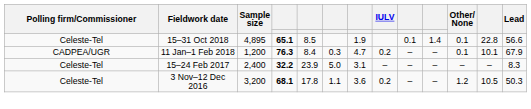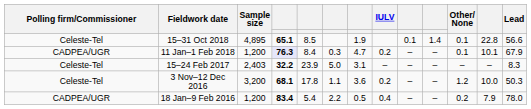 <table class="wikitable collapsible collapsed" style="text-align:center; font-size:90%; line-height:14px;">
 <tr style="height:42px;">
 <th style="width:250px;" rowspan="2">Polling firm/Commissioner</th>
 <th style="width:125px;" rowspan="2">Fieldwork date</th>
 <th style="width:50px;" rowspan="2">Sample size</th>
 <th style="width:35px;"></th>
 <th style="width:35px;"></th>
 <th style="width:35px;"></th>
 <th style="width:35px;"></th>
 <th style="width:35px;"><a href='#'>IULV</a></th>
 <th style="width:35px;"></th>
 <th style="width:35px;"></th>
 <th style="width:35px;" rowspan="2">Other/<br>None</th>
 <th style="width:35px;" rowspan="2"></th>
 <th style="width:30px;" rowspan="2">Lead</th>
 </tr>
 <tr>
 <th style="color:inherit;background:"></th>
 <th style="color:inherit;background:"></th>
 <th style="color:inherit;background:"></th>
 <th style="color:inherit;background:"></th>
 <th style="color:inherit;background:"></th>
 <th style="color:inherit;background:"></th>
 <th style="color:inherit;background:"></th>
 </tr>
 <tr>
 <td>Celeste-Tel</td>
 <td>15–31 Oct 2018</td>
 <td>4,895</td>
 <td><strong>65.1</strong></td>
 <td>8.5</td>
 <td></td>
 <td>1.9</td>
 <td></td>
 <td>0.1</td>
 <td>1.4</td>
 <td>0.1</td>
 <td>22.8</td>
 <td style="background:">56.6</td>
 </tr>
 <tr>
 <td>CADPEA/UGR</td>
 <td>11 Jan–1 Feb 2018</td>
 <td>1,200</td>
-<td><strong>76.3</strong></td>
+<td style="background: lavender;"><strong>76.3</strong></td>
 <td>8.4</td>
 <td>0.3</td>
 <td>4.7</td>
 <td>0.2</td>
 <td>–</td>
 <td>–</td>
 <td>0.1</td>
 <td>10.1</td>
 <td style="background:">67.9</td>
 </tr>
 <tr>
 <td>Celeste-Tel</td>
 <td>15–24 Feb 2017</td>
-<td>2,400</td>
+<td>2,403</td>
 <td><strong>32.2</strong></td>
 <td>23.9</td>
 <td>5.0</td>
 <td>3.1</td>
 <td>–</td>
 <td>–</td>
 <td>–</td>
 <td>–</td>
 <td>–</td>
 <td style="background:">8.3</td>
 </tr>
 <tr>
 <td>Celeste-Tel</td>
 <td>3 Nov–12 Dec 2016</td>
 <td>3,200</td>
 <td><strong>68.1</strong></td>
 <td>17.8</td>
 <td>1.1</td>
 <td>3.6</td>
 <td>0.2</td>
 <td>–</td>
 <td>–</td>
 <td>1.2</td>
-<td>10.5</td>
+<td>10.0</td>
 <td style="background:">50.3</td>
 </tr>
+<tr>
+<td>CADPEA/UGR</td>
+<td>18 Jan–9 Feb 2016</td>
+<td>1,200</td>
+<td><strong>83.4</strong></td>
+<td>5.4</td>
+<td>2.2</td>
+<td>0.5</td>
+<td>0.4</td>
+<td>–</td>
+<td>–</td>
+<td>0.2</td>
+<td>7.9</td>
+<td style="background:">78.0</td>
+</tr>
 </table>
